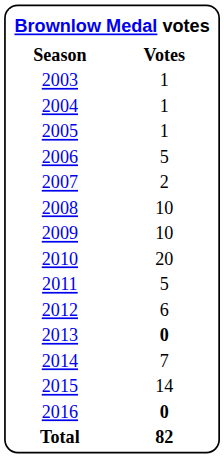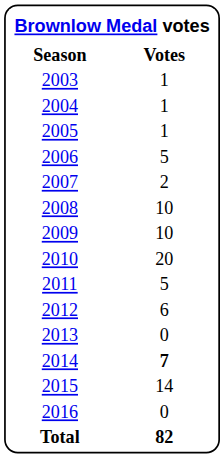 <table style="margin-right: 4px; margin-top: 8px; float: right; border: 1px #000000 solid; border-radius: 8px; background: #FFFFFF; font-family: Verdana; font-size: 8pt; text-align: center;">
 <tr style="background:#FFFFFF;">
 <td colspan=2; style="padding: 3px; margin-bottom: -3px; margin-top: 2px; font-family: Arial; background:#FFFFFF;"><strong><a href='#'>Brownlow Medal</a> votes</strong></td>
 </tr>
 <tr>
 <th width=50%>Season</th>
 <th width=50%>Votes</th>
 </tr>
 <tr>
 <td><a href='#'>2003</a></td>
 <td>1</td>
 </tr>
 <tr>
 <td><a href='#'>2004</a></td>
 <td>1</td>
 </tr>
 <tr>
 <td><a href='#'>2005</a></td>
 <td>1</td>
 </tr>
 <tr>
 <td><a href='#'>2006</a></td>
 <td>5</td>
 </tr>
 <tr>
 <td><a href='#'>2007</a></td>
 <td>2</td>
 </tr>
 <tr>
 <td><a href='#'>2008</a></td>
 <td>10</td>
 </tr>
 <tr>
 <td><a href='#'>2009</a></td>
 <td>10</td>
 </tr>
 <tr>
 <td><a href='#'>2010</a></td>
 <td>20</td>
 </tr>
 <tr>
 <td><a href='#'>2011</a></td>
 <td>5</td>
 </tr>
 <tr>
 <td><a href='#'>2012</a></td>
 <td>6</td>
 </tr>
 <tr>
 <td><a href='#'>2013</a></td>
-<td><strong>0</strong></td>
+<td>0</td>
 </tr>
 <tr>
 <td><a href='#'>2014</a></td>
-<td>7</td>
+<td><strong>7</strong></td>
 </tr>
 <tr>
 <td><a href='#'>2015</a></td>
 <td>14</td>
 </tr>
 <tr>
 <td><a href='#'>2016</a></td>
-<td><strong>0</strong></td>
+<td>0</td>
 </tr>
 <tr>
 <td><strong>Total</strong></td>
 <td><strong>82</strong><br></td>
 </tr>
 </table>
